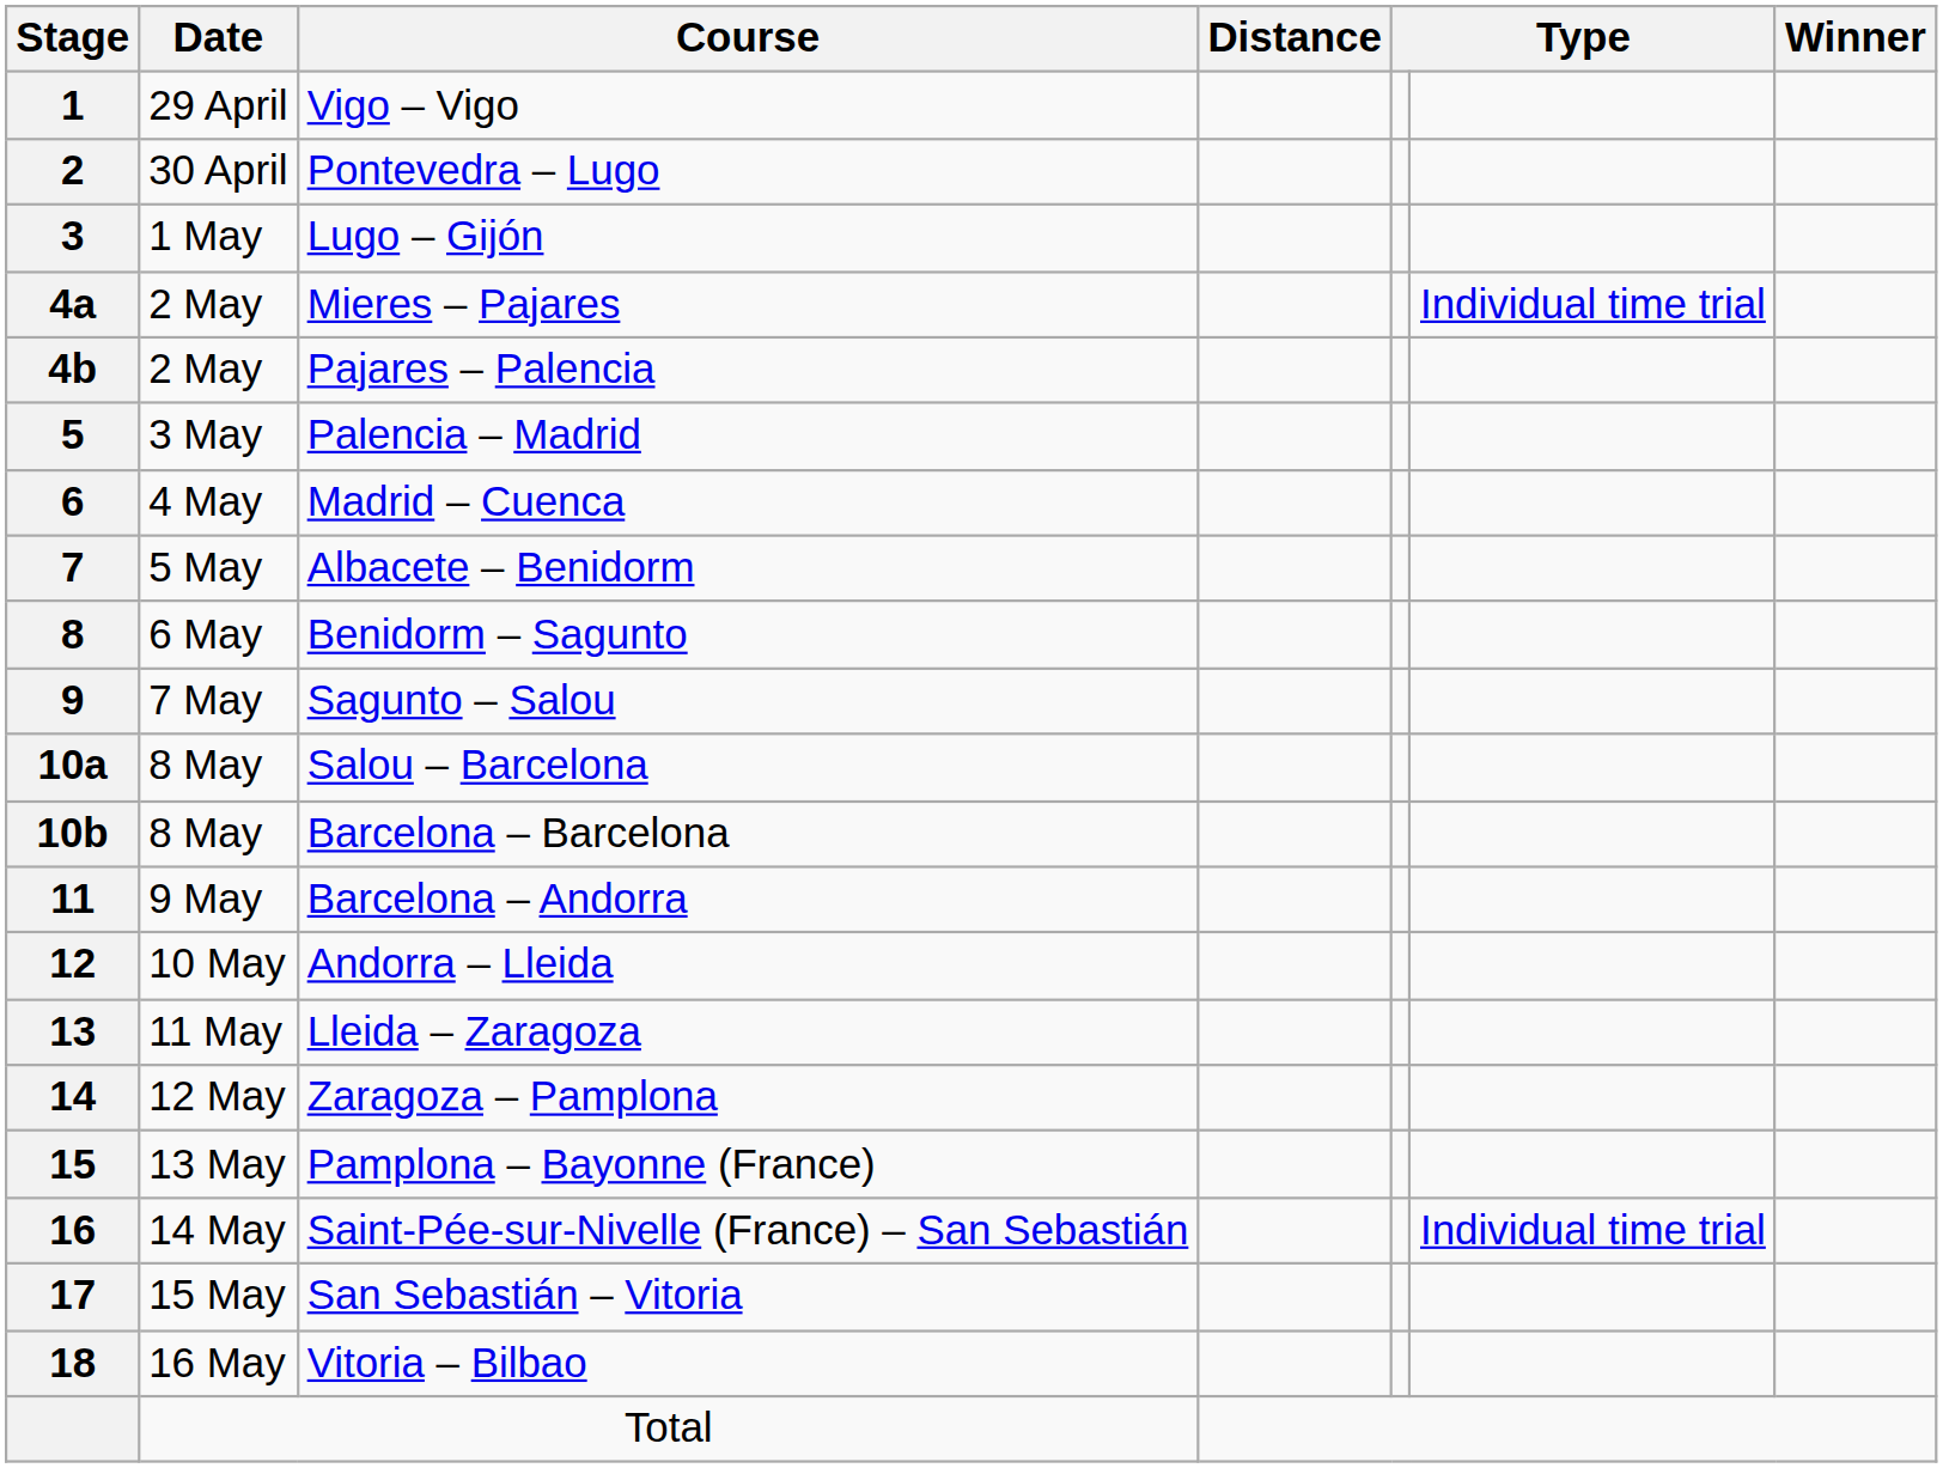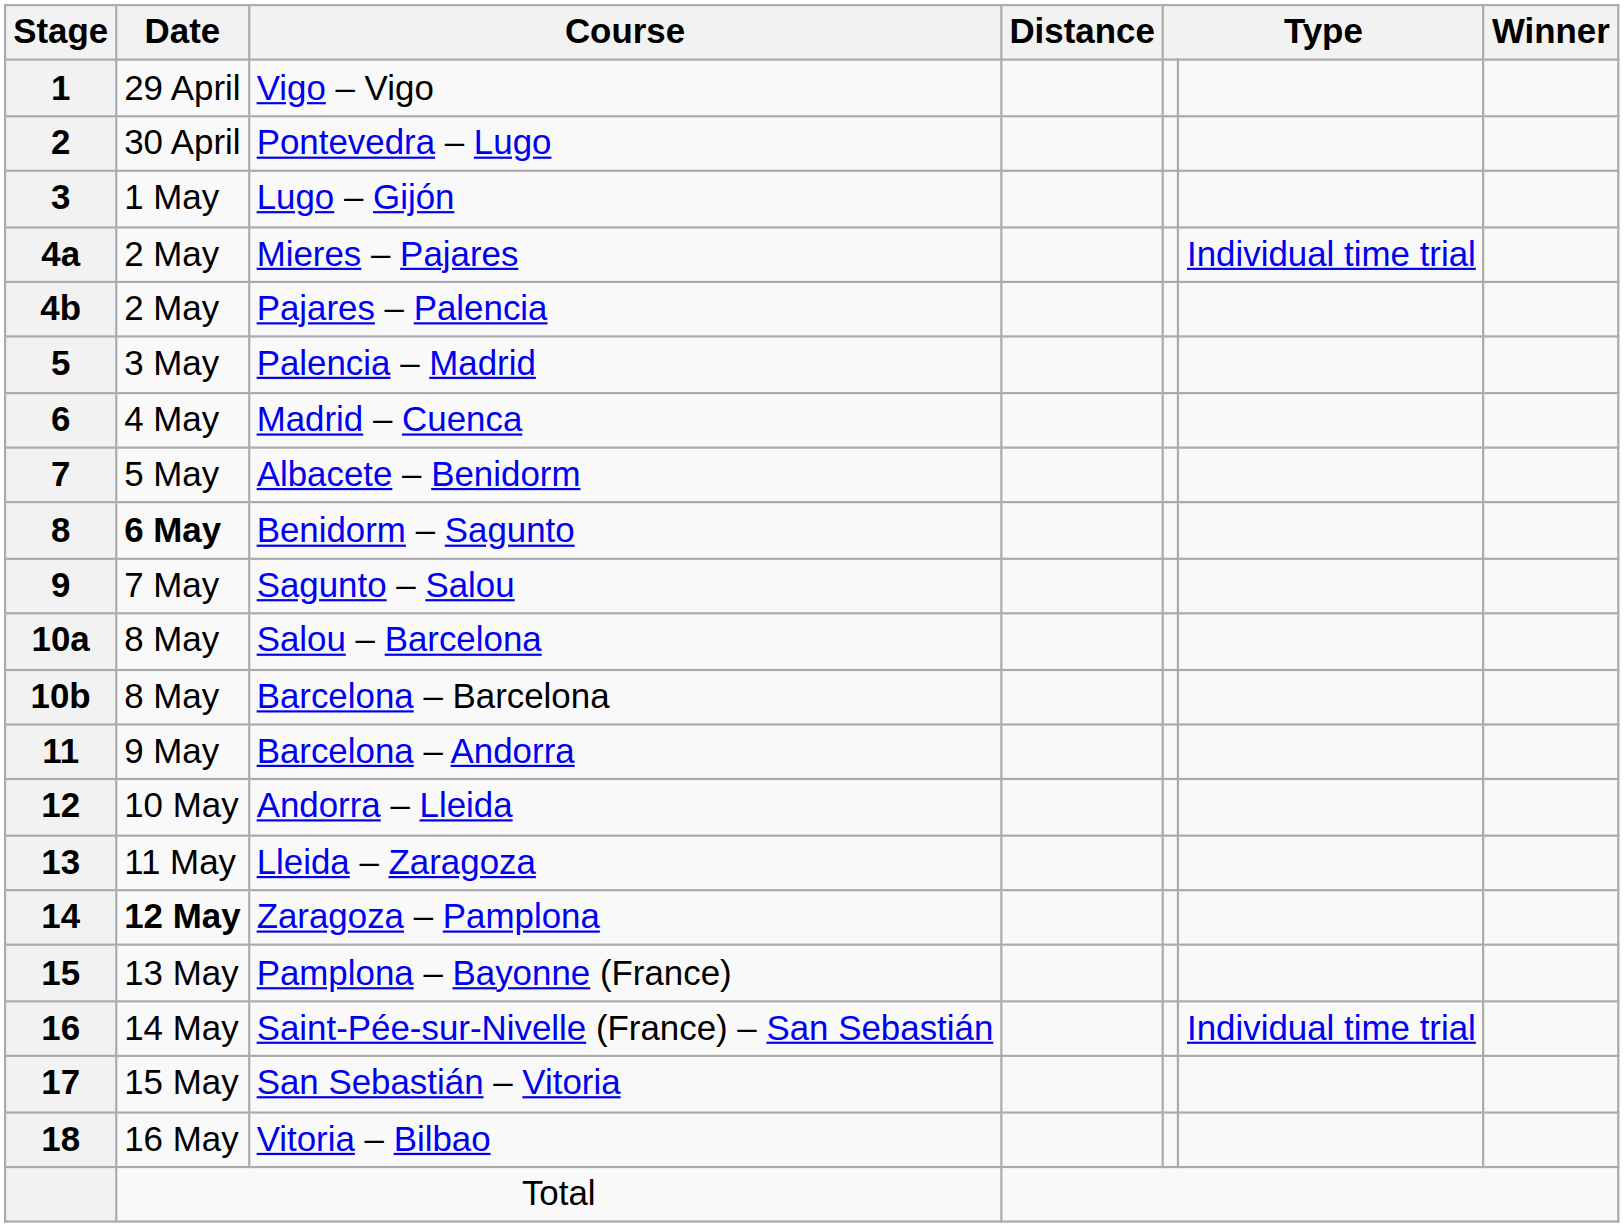 <table class="wikitable">
 <tr>
 <th scope="col">Stage</th>
 <th scope="col">Date</th>
 <th scope="col">Course</th>
 <th scope="col">Distance</th>
 <th scope="col" colspan="2">Type</th>
 <th scope="col">Winner</th>
 </tr>
 <tr>
 <th scope="row">1</th>
 <td>29 April</td>
 <td><a href='#'>Vigo</a> – Vigo</td>
 <td style="text-align:center;"></td>
 <td></td>
 <td></td>
 <td></td>
 </tr>
 <tr>
 <th scope="row">2</th>
 <td>30 April</td>
 <td><a href='#'>Pontevedra</a> – <a href='#'>Lugo</a></td>
 <td style="text-align:center;"></td>
 <td></td>
 <td></td>
 <td></td>
 </tr>
 <tr>
 <th scope="row">3</th>
 <td>1 May</td>
 <td><a href='#'>Lugo</a> – <a href='#'>Gijón</a></td>
 <td style="text-align:center;"></td>
 <td></td>
 <td></td>
 <td></td>
 </tr>
 <tr>
 <th scope="row">4a</th>
 <td>2 May</td>
 <td><a href='#'>Mieres</a> – <a href='#'>Pajares</a></td>
 <td style="text-align:center;"></td>
 <td></td>
 <td><a href='#'>Individual time trial</a></td>
 <td></td>
 </tr>
 <tr>
 <th scope="row">4b</th>
 <td>2 May</td>
 <td><a href='#'>Pajares</a> – <a href='#'>Palencia</a></td>
 <td style="text-align:center;"></td>
 <td></td>
 <td></td>
 <td></td>
 </tr>
 <tr>
 <th scope="row">5</th>
 <td>3 May</td>
 <td><a href='#'>Palencia</a> – <a href='#'>Madrid</a></td>
 <td style="text-align:center;"></td>
 <td></td>
 <td></td>
 <td></td>
 </tr>
 <tr>
 <th scope="row">6</th>
 <td>4 May</td>
 <td><a href='#'>Madrid</a> – <a href='#'>Cuenca</a></td>
 <td style="text-align:center;"></td>
 <td></td>
 <td></td>
 <td></td>
 </tr>
 <tr>
 <th scope="row">7</th>
 <td>5 May</td>
 <td><a href='#'>Albacete</a> – <a href='#'>Benidorm</a></td>
 <td style="text-align:center;"></td>
 <td></td>
 <td></td>
 <td></td>
 </tr>
 <tr>
 <th scope="row">8</th>
-<td>6 May</td>
+<td><strong>6 May</strong></td>
 <td><a href='#'>Benidorm</a> – <a href='#'>Sagunto</a></td>
 <td style="text-align:center;"></td>
 <td></td>
 <td></td>
 <td></td>
 </tr>
 <tr>
 <th scope="row">9</th>
 <td>7 May</td>
 <td><a href='#'>Sagunto</a> – <a href='#'>Salou</a></td>
 <td style="text-align:center;"></td>
 <td></td>
 <td></td>
 <td></td>
 </tr>
 <tr>
 <th scope="row">10a</th>
 <td>8 May</td>
 <td><a href='#'>Salou</a> – <a href='#'>Barcelona</a></td>
 <td style="text-align:center;"></td>
 <td></td>
 <td></td>
 <td></td>
 </tr>
 <tr>
 <th scope="row">10b</th>
 <td>8 May</td>
 <td><a href='#'>Barcelona</a> – Barcelona</td>
 <td style="text-align:center;"></td>
 <td></td>
 <td></td>
 <td></td>
 </tr>
 <tr>
 <th scope="row">11</th>
 <td>9 May</td>
 <td><a href='#'>Barcelona</a> – <a href='#'>Andorra</a></td>
 <td style="text-align:center;"></td>
 <td></td>
 <td></td>
 <td></td>
 </tr>
 <tr>
 <th scope="row">12</th>
 <td>10 May</td>
 <td><a href='#'>Andorra</a> – <a href='#'>Lleida</a></td>
 <td style="text-align:center;"></td>
 <td></td>
 <td></td>
 <td></td>
 </tr>
 <tr>
 <th scope="row">13</th>
 <td>11 May</td>
 <td><a href='#'>Lleida</a> – <a href='#'>Zaragoza</a></td>
 <td style="text-align:center;"></td>
 <td></td>
 <td></td>
 <td></td>
 </tr>
 <tr>
 <th scope="row">14</th>
-<td>12 May</td>
+<td><strong>12 May</strong></td>
 <td><a href='#'>Zaragoza</a> – <a href='#'>Pamplona</a></td>
 <td style="text-align:center;"></td>
 <td></td>
 <td></td>
 <td></td>
 </tr>
 <tr>
 <th scope="row">15</th>
 <td>13 May</td>
 <td><a href='#'>Pamplona</a> – <a href='#'>Bayonne</a> (France)</td>
 <td style="text-align:center;"></td>
 <td></td>
 <td></td>
 <td></td>
 </tr>
 <tr>
 <th scope="row">16</th>
 <td>14 May</td>
 <td><a href='#'>Saint-Pée-sur-Nivelle</a> (France) – <a href='#'>San Sebastián</a></td>
 <td style="text-align:center;"></td>
 <td></td>
 <td><a href='#'>Individual time trial</a></td>
 <td></td>
 </tr>
 <tr>
 <th scope="row">17</th>
 <td>15 May</td>
 <td><a href='#'>San Sebastián</a> – <a href='#'>Vitoria</a></td>
 <td style="text-align:center;"></td>
 <td></td>
 <td></td>
 <td></td>
 </tr>
 <tr>
 <th scope="row">18</th>
 <td>16 May</td>
 <td><a href='#'>Vitoria</a> – <a href='#'>Bilbao</a></td>
 <td style="text-align:center;"></td>
 <td></td>
 <td></td>
 <td></td>
 </tr>
 <tr>
 <th scope="row"></th>
 <td colspan="2" style="text-align:center">Total</td>
 <td colspan="4" style="text-align:center"></td>
 </tr>
 </table>
